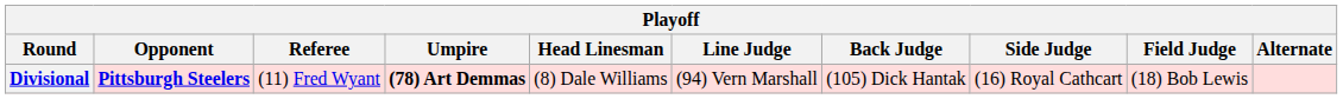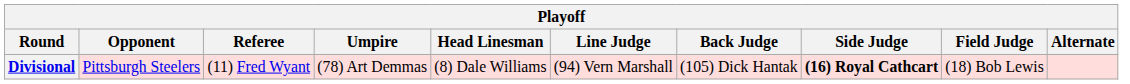 <table class="wikitable" style="text-align:center">
 <tr>
 <th colspan="10">Playoff</th>
 </tr>
 <tr>
 <th>Round</th>
 <th>Opponent</th>
 <th>Referee</th>
 <th>Umpire</th>
 <th>Head Linesman</th>
 <th>Line Judge</th>
 <th>Back Judge</th>
 <th>Side Judge</th>
 <th>Field Judge</th>
 <th>Alternate</th>
 </tr>
 <tr style="background: #ffdddd;">
 <th><a href='#'>Divisional</a></th>
-<td><strong><a href='#'>Pittsburgh Steelers</a></strong></td>
+<td><a href='#'>Pittsburgh Steelers</a></td>
 <td>(11) <a href='#'>Fred Wyant</a></td>
-<td><strong>(78) Art Demmas</strong></td>
+<td>(78) Art Demmas</td>
 <td>(8) Dale Williams</td>
 <td>(94) Vern Marshall</td>
 <td>(105) Dick Hantak</td>
-<td>(16) Royal Cathcart</td>
+<td><strong>(16) Royal Cathcart</strong></td>
 <td>(18) Bob Lewis</td>
 <td></td>
 </tr>
 </table>
